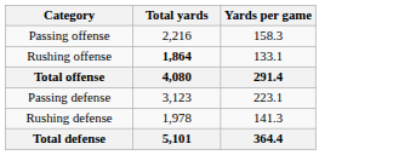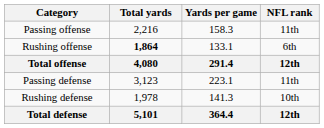 <table class="wikitable" style="text-align:center">
 <tr>
 <th width=150px>Category</th>
 <th width=100px>Total yards</th>
 <th width=110px>Yards per game</th>
+<th width=80px>NFL rank<br></th>
 </tr>
 <tr>
 <td>Passing offense</td>
 <td>2,216</td>
 <td>158.3</td>
+<td>11th</td>
 </tr>
 <tr>
 <td>Rushing offense</td>
 <td><strong>1,864</strong></td>
 <td>133.1</td>
+<td>6th</td>
 </tr>
 <tr>
 <th>Total offense</th>
 <th>4,080</th>
 <th>291.4</th>
+<th>12th</th>
 </tr>
 <tr>
 <td>Passing defense</td>
 <td>3,123</td>
 <td>223.1</td>
+<td>11th</td>
 </tr>
 <tr>
 <td>Rushing defense</td>
 <td>1,978</td>
 <td>141.3</td>
+<td>10th</td>
 </tr>
 <tr>
 <th>Total defense</th>
 <th>5,101</th>
 <th>364.4</th>
+<th>12th</th>
 </tr>
 </table>
